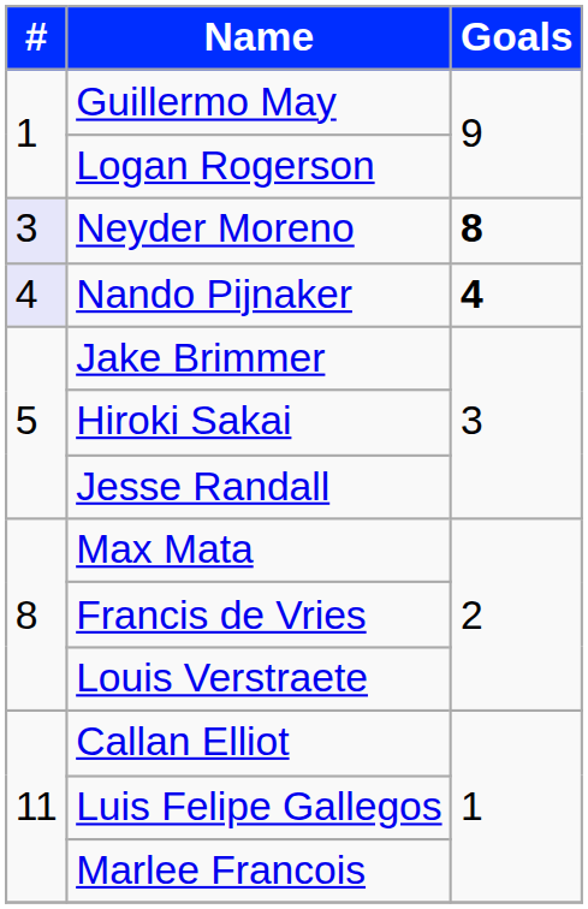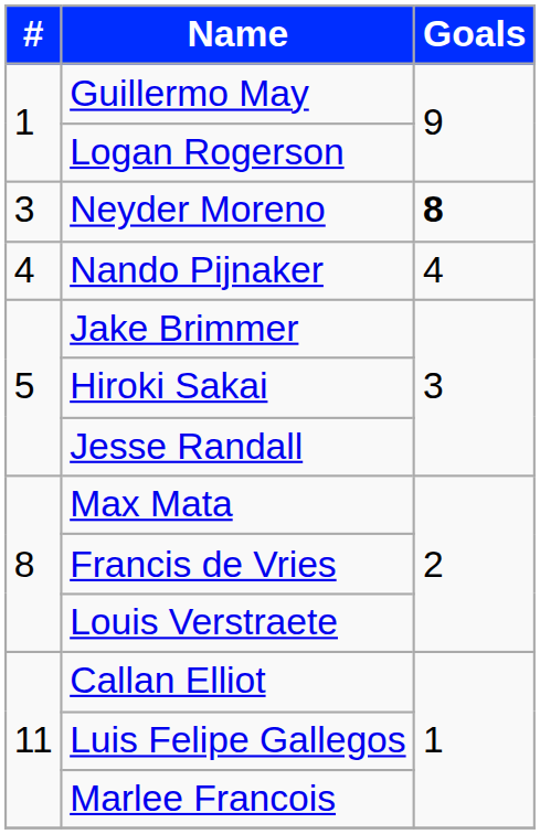 <table class="wikitable">
 <tr>
 <th style="color:#FFFFFF; background:#002EFF;">#</th>
 <th style="color:#FFFFFF; background:#002EFF;">Name</th>
 <th style="color:#FFFFFF; background:#002EFF;">Goals</th>
 </tr>
 <tr>
 <td rowspan="2">1</td>
 <td> <a href='#'>Guillermo May</a></td>
 <td rowspan="2">9</td>
 </tr>
 <tr>
 <td> <a href='#'>Logan Rogerson</a></td>
 </tr>
 <tr>
-<td style="background: lavender;">3</td>
+<td>3</td>
 <td> <a href='#'>Neyder Moreno</a></td>
 <td><strong>8</strong></td>
 </tr>
 <tr>
-<td style="background: lavender;">4</td>
+<td>4</td>
 <td> <a href='#'>Nando Pijnaker</a></td>
-<td><strong>4</strong></td>
+<td>4</td>
 </tr>
 <tr>
 <td rowspan="3">5</td>
 <td> <a href='#'>Jake Brimmer</a></td>
 <td rowspan="3">3</td>
 </tr>
 <tr>
 <td> <a href='#'>Hiroki Sakai</a></td>
 </tr>
 <tr>
 <td> <a href='#'>Jesse Randall</a></td>
 </tr>
 <tr>
 <td rowspan="3">8</td>
 <td> <a href='#'>Max Mata</a></td>
 <td rowspan="3">2</td>
 </tr>
 <tr>
 <td> <a href='#'>Francis de Vries</a></td>
 </tr>
 <tr>
 <td> <a href='#'>Louis Verstraete</a></td>
 </tr>
 <tr>
 <td rowspan="3">11</td>
 <td> <a href='#'>Callan Elliot</a></td>
 <td rowspan="3">1</td>
 </tr>
 <tr>
 <td> <a href='#'>Luis Felipe Gallegos</a></td>
 </tr>
 <tr>
 <td> <a href='#'>Marlee Francois</a></td>
 </tr>
 <tr>
 </tr>
 </table>
